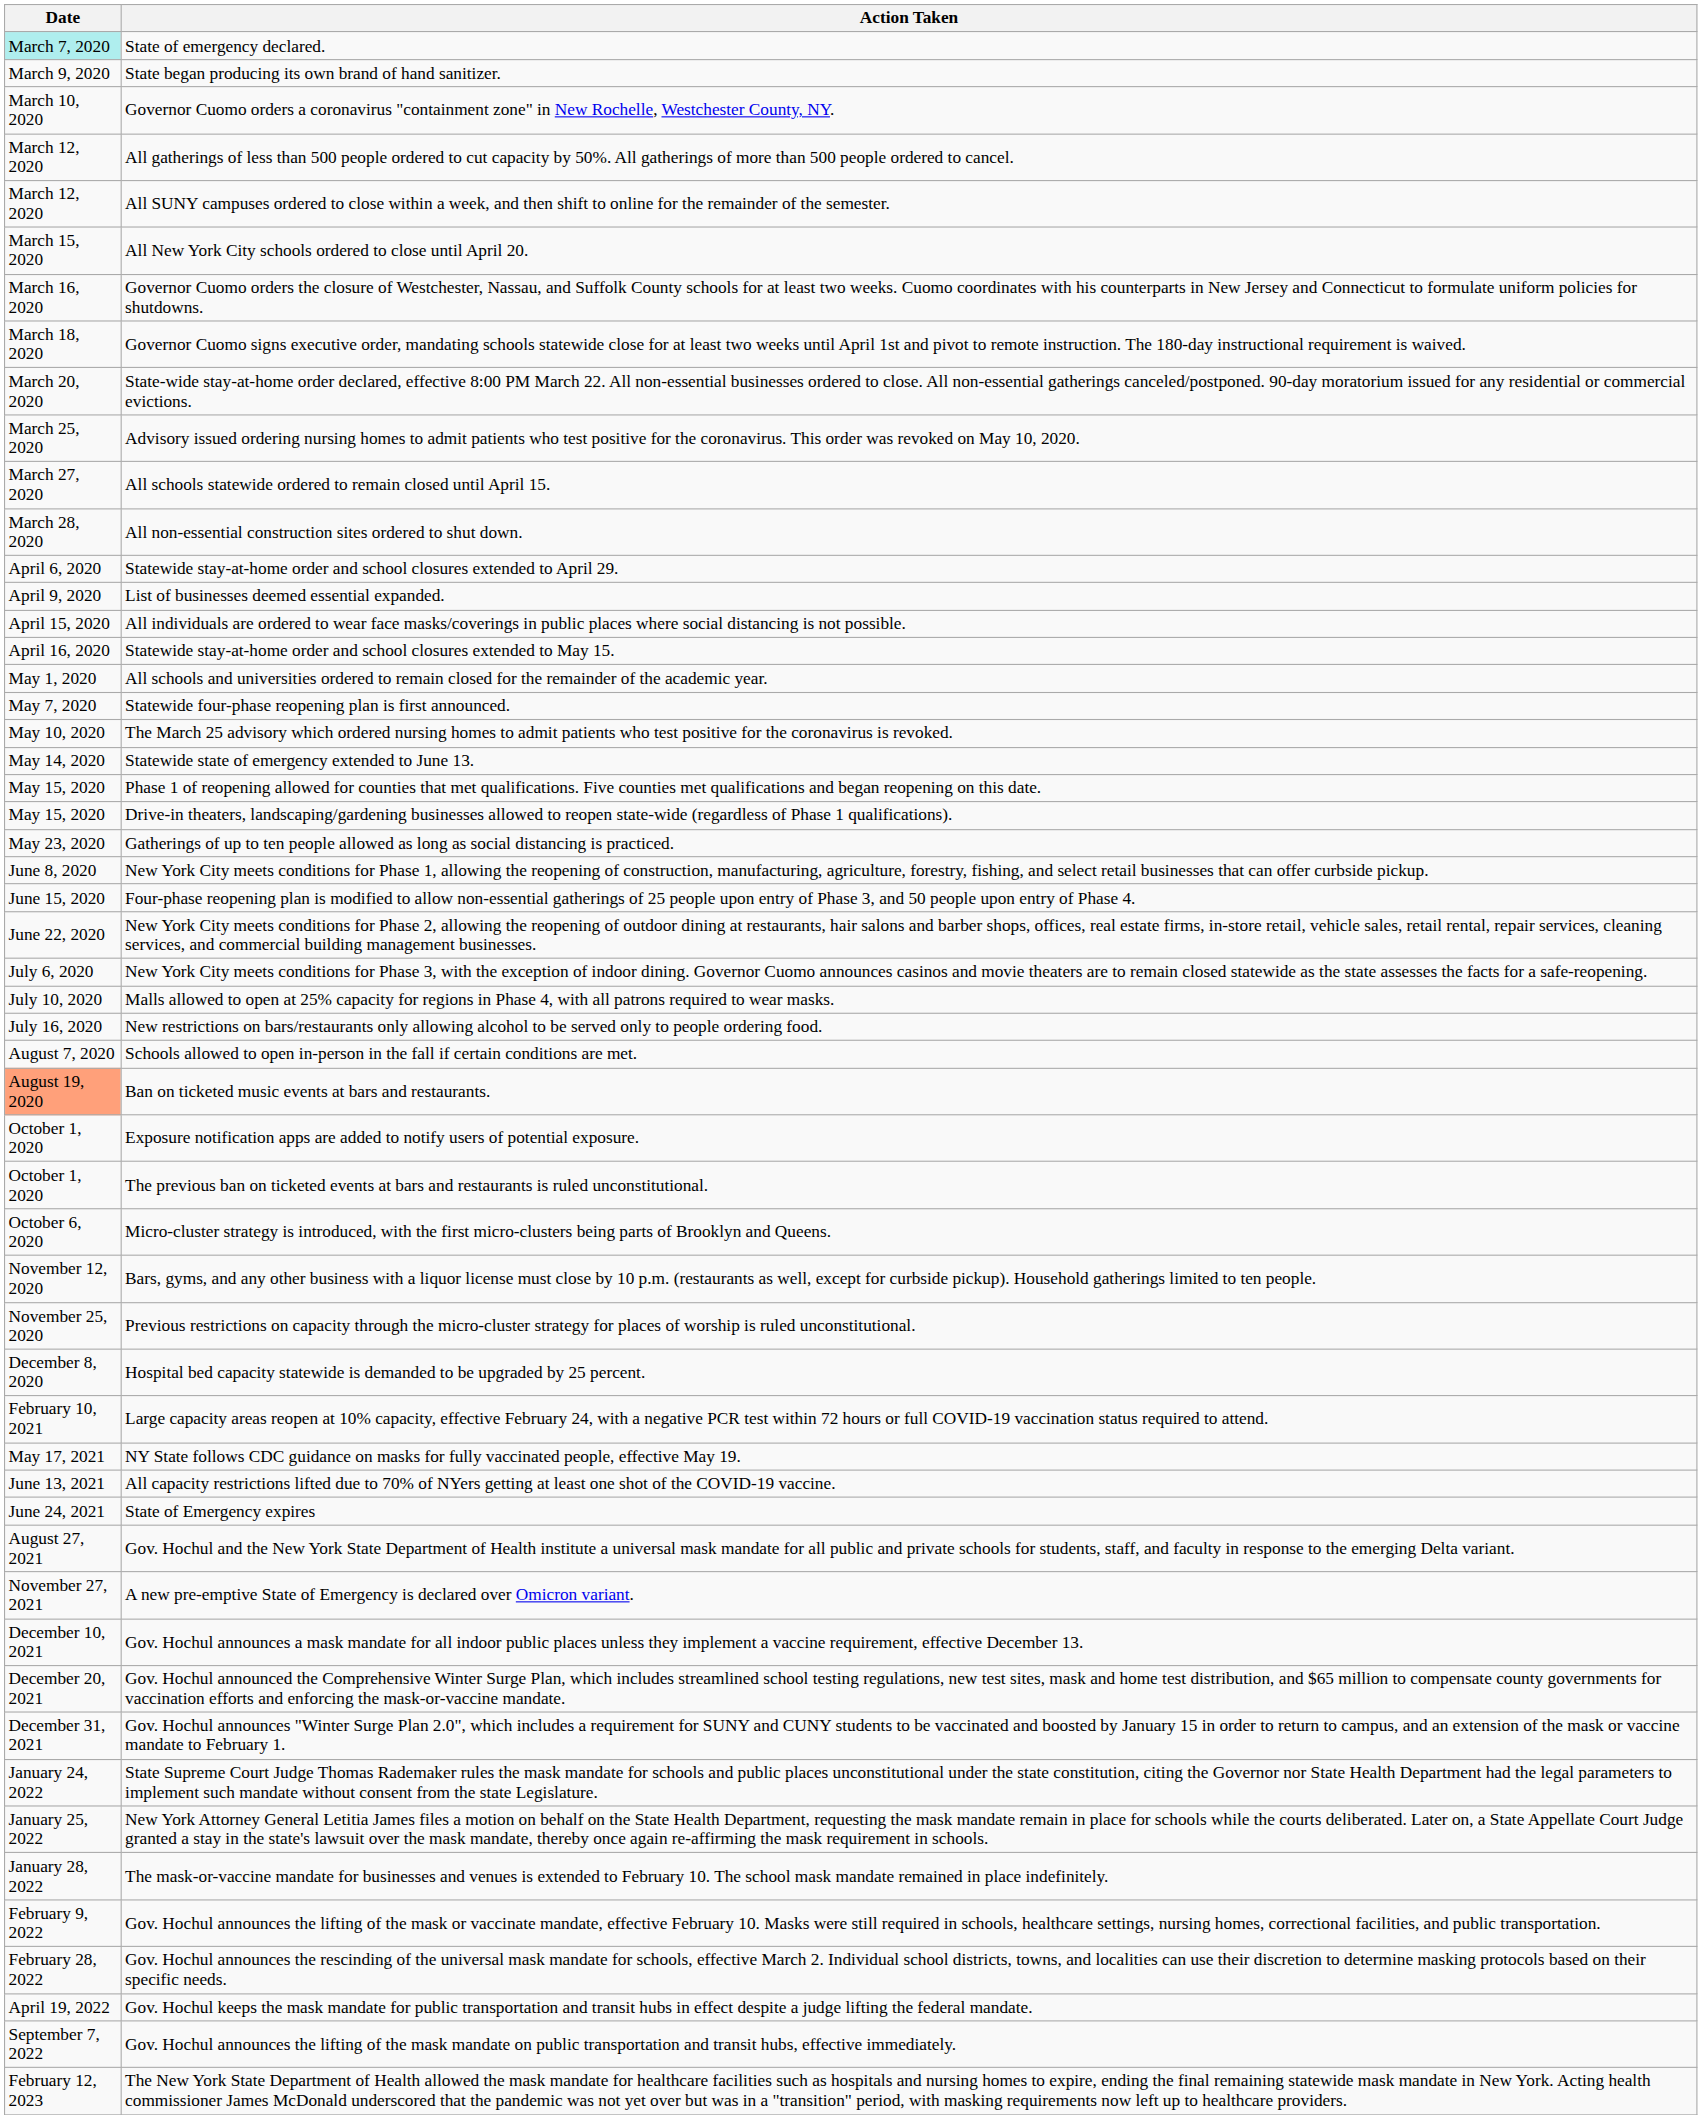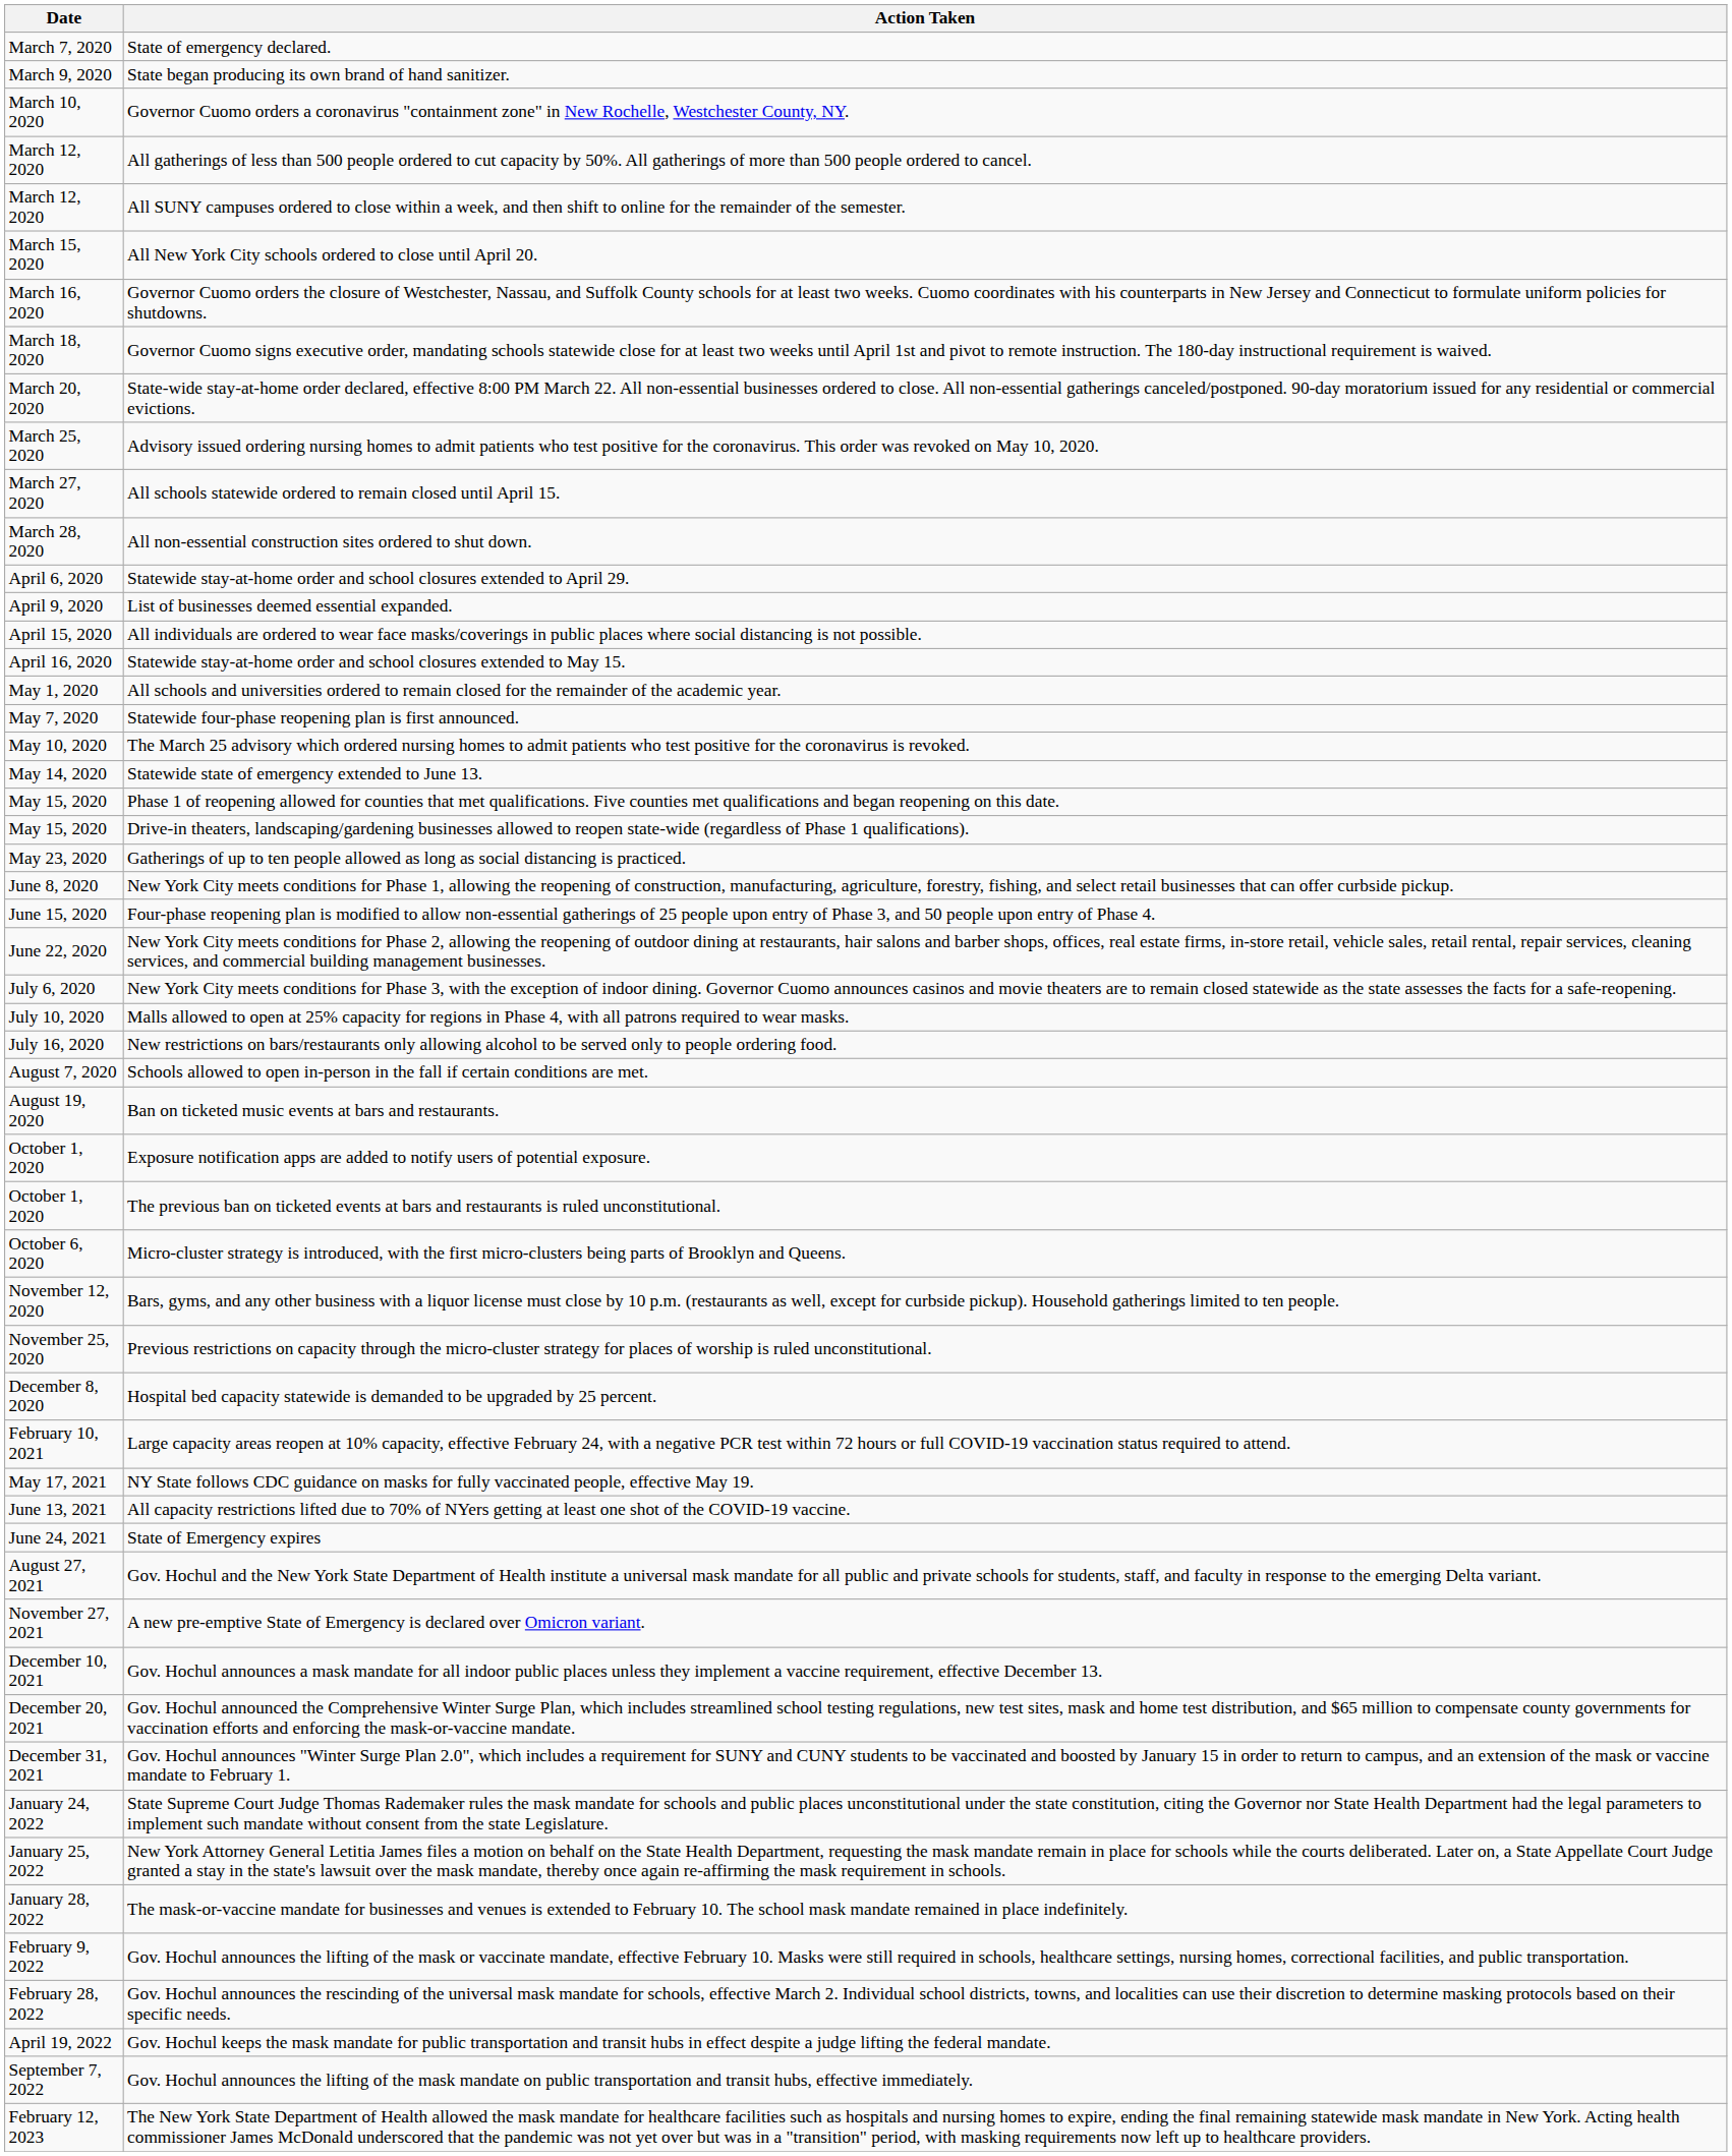 <table class="wikitable sortable">
 <tr>
 <th>Date</th>
 <th>Action Taken</th>
 </tr>
 <tr>
-<td style="background: paleturquoise;">March 7, 2020</td>
+<td>March 7, 2020</td>
 <td>State of emergency declared.</td>
 </tr>
 <tr>
 <td>March 9, 2020</td>
 <td>State began producing its own brand of hand sanitizer.</td>
 </tr>
 <tr>
 <td>March 10, 2020</td>
 <td>Governor Cuomo orders a coronavirus "containment zone" in <a href='#'>New Rochelle</a>, <a href='#'>Westchester County, NY</a>.</td>
 </tr>
 <tr>
 <td>March 12, 2020</td>
 <td>All gatherings of less than 500 people ordered to cut capacity by 50%. All gatherings of more than 500 people ordered to cancel.</td>
 </tr>
 <tr>
 <td>March 12, 2020</td>
 <td>All SUNY campuses ordered to close within a week, and then shift to online for the remainder of the semester.</td>
 </tr>
 <tr>
 <td>March 15, 2020</td>
 <td>All New York City schools ordered to close until April 20.</td>
 </tr>
 <tr>
 <td>March 16, 2020</td>
 <td>Governor Cuomo orders the closure of Westchester, Nassau, and Suffolk County schools for at least two weeks. Cuomo coordinates with his counterparts in New Jersey and Connecticut to formulate uniform policies for shutdowns.</td>
 </tr>
 <tr>
 <td>March 18, 2020</td>
 <td>Governor Cuomo signs executive order, mandating schools statewide close for at least two weeks until April 1st and pivot to remote instruction. The 180-day instructional requirement is waived.</td>
 </tr>
 <tr>
 <td>March 20, 2020</td>
 <td>State-wide stay-at-home order declared, effective 8:00 PM March 22. All non-essential businesses ordered to close. All non-essential gatherings canceled/postponed. 90-day moratorium issued for any residential or commercial evictions. </td>
 </tr>
 <tr>
 <td>March 25, 2020</td>
 <td>Advisory issued ordering nursing homes to admit patients who test positive for the coronavirus. This order was revoked on May 10, 2020.</td>
 </tr>
 <tr>
 <td>March 27, 2020</td>
 <td>All schools statewide ordered to remain closed until April 15.</td>
 </tr>
 <tr>
 <td>March 28, 2020</td>
 <td>All non-essential construction sites ordered to shut down.</td>
 </tr>
 <tr>
 <td>April 6, 2020</td>
 <td>Statewide stay-at-home order and school closures extended to April 29.</td>
 </tr>
 <tr>
 <td>April 9, 2020</td>
 <td>List of businesses deemed essential expanded.</td>
 </tr>
 <tr>
 <td>April 15, 2020</td>
 <td>All individuals are ordered to wear face masks/coverings in public places where social distancing is not possible.</td>
 </tr>
 <tr>
 <td>April 16, 2020</td>
 <td>Statewide stay-at-home order and school closures extended to May 15.</td>
 </tr>
 <tr>
 <td>May 1, 2020</td>
 <td>All schools and universities ordered to remain closed for the remainder of the academic year.</td>
 </tr>
 <tr>
 <td>May 7, 2020</td>
 <td>Statewide four-phase reopening plan is first announced.</td>
 </tr>
 <tr>
 <td>May 10, 2020</td>
 <td>The March 25 advisory which ordered nursing homes to admit patients who test positive for the coronavirus is revoked.</td>
 </tr>
 <tr>
 <td>May 14, 2020</td>
 <td>Statewide state of emergency extended to June 13.</td>
 </tr>
 <tr>
 <td>May 15, 2020</td>
 <td>Phase 1 of reopening allowed for counties that met qualifications. Five counties met qualifications and began reopening on this date.</td>
 </tr>
 <tr>
 <td>May 15, 2020</td>
 <td>Drive-in theaters, landscaping/gardening businesses allowed to reopen state-wide (regardless of Phase 1 qualifications).</td>
 </tr>
 <tr>
 <td>May 23, 2020</td>
 <td>Gatherings of up to ten people allowed as long as social distancing is practiced.</td>
 </tr>
 <tr>
 <td>June 8, 2020</td>
 <td>New York City meets conditions for Phase 1, allowing the reopening of construction, manufacturing, agriculture, forestry, fishing, and select retail businesses that can offer curbside pickup.</td>
 </tr>
 <tr>
 <td>June 15, 2020</td>
 <td>Four-phase reopening plan is modified to allow non-essential gatherings of 25 people upon entry of Phase 3, and 50 people upon entry of Phase 4.</td>
 </tr>
 <tr>
 <td>June 22, 2020</td>
 <td>New York City meets conditions for Phase 2, allowing the reopening of outdoor dining at restaurants, hair salons and barber shops, offices, real estate firms, in-store retail, vehicle sales, retail rental, repair services, cleaning services, and commercial building management businesses.</td>
 </tr>
 <tr>
 <td>July 6, 2020</td>
 <td>New York City meets conditions for Phase 3, with the exception of indoor dining. Governor Cuomo announces casinos and movie theaters are to remain closed statewide as the state assesses the facts for a safe-reopening.</td>
 </tr>
 <tr>
 <td>July 10, 2020</td>
 <td>Malls allowed to open at 25% capacity for regions in Phase 4, with all patrons required to wear masks.</td>
 </tr>
 <tr>
 <td>July 16, 2020</td>
 <td>New restrictions on bars/restaurants only allowing alcohol to be served only to people ordering food.</td>
 </tr>
 <tr>
 <td>August 7, 2020</td>
 <td>Schools allowed to open in-person in the fall if certain conditions are met.</td>
 </tr>
 <tr>
-<td style="background: lightsalmon;">August 19, 2020</td>
+<td>August 19, 2020</td>
 <td>Ban on ticketed music events at bars and restaurants.</td>
 </tr>
 <tr>
 <td>October 1, 2020</td>
 <td>Exposure notification apps are added to notify users of potential exposure.</td>
 </tr>
 <tr>
 <td>October 1, 2020</td>
 <td>The previous ban on ticketed events at bars and restaurants is ruled unconstitutional.</td>
 </tr>
 <tr>
 <td>October 6, 2020</td>
 <td>Micro-cluster strategy is introduced, with the first micro-clusters being parts of Brooklyn and Queens.</td>
 </tr>
 <tr>
 <td>November 12, 2020</td>
 <td>Bars, gyms, and any other business with a liquor license must close by 10 p.m. (restaurants as well, except for curbside pickup). Household gatherings limited to ten people.</td>
 </tr>
 <tr>
 <td>November 25, 2020</td>
 <td>Previous restrictions on capacity through the micro-cluster strategy for places of worship is ruled unconstitutional.</td>
 </tr>
 <tr>
 <td>December 8, 2020</td>
 <td>Hospital bed capacity statewide is demanded to be upgraded by 25 percent.</td>
 </tr>
 <tr>
 <td>February 10, 2021</td>
 <td>Large capacity areas reopen at 10% capacity, effective February 24, with a negative PCR test within 72 hours or full COVID-19 vaccination status required to attend.</td>
 </tr>
 <tr>
 <td>May 17, 2021</td>
 <td>NY State follows CDC guidance on masks for fully vaccinated people, effective May 19.</td>
 </tr>
 <tr>
 <td>June 13, 2021</td>
 <td>All capacity restrictions lifted due to 70% of NYers getting at least one shot of the COVID-19 vaccine.</td>
 </tr>
 <tr>
 <td>June 24, 2021</td>
 <td>State of Emergency expires </td>
 </tr>
 <tr>
 <td>August 27, 2021</td>
 <td>Gov. Hochul and the New York State Department of Health institute a universal mask mandate for all public and private schools for students, staff, and faculty in response to the emerging Delta variant.</td>
 </tr>
 <tr>
 <td>November 27, 2021</td>
 <td>A new pre-emptive State of Emergency is declared over <a href='#'>Omicron variant</a>.</td>
 </tr>
 <tr>
 <td>December 10, 2021</td>
 <td>Gov. Hochul announces a mask mandate for all indoor public places unless they implement a vaccine requirement, effective December 13.</td>
 </tr>
 <tr>
 <td>December 20, 2021</td>
 <td>Gov. Hochul announced the Comprehensive Winter Surge Plan, which includes streamlined school testing regulations, new test sites, mask and home test distribution, and $65 million to compensate county governments for vaccination efforts and enforcing the mask-or-vaccine mandate.</td>
 </tr>
 <tr>
 <td>December 31, 2021</td>
 <td>Gov. Hochul announces "Winter Surge Plan 2.0", which includes a requirement for SUNY and CUNY students to be vaccinated and boosted by January 15 in order to return to campus, and an extension of the mask or vaccine mandate to February 1.</td>
 </tr>
 <tr>
 <td>January 24, 2022</td>
 <td>State Supreme Court Judge Thomas Rademaker rules the mask mandate for schools and public places unconstitutional under the state constitution, citing the Governor nor State Health Department had the legal parameters to implement such mandate without consent from the state Legislature.</td>
 </tr>
 <tr>
 <td>January 25, 2022</td>
 <td>New York Attorney General Letitia James files a motion on behalf on the State Health Department, requesting the mask mandate remain in place for schools while the courts deliberated. Later on, a State Appellate Court Judge granted a stay in the state's lawsuit over the mask mandate, thereby once again re-affirming the mask requirement in schools.</td>
 </tr>
 <tr>
 <td>January 28, 2022</td>
 <td>The mask-or-vaccine mandate for businesses and venues is extended to February 10. The school mask mandate remained in place indefinitely.</td>
 </tr>
 <tr>
 <td>February 9, 2022</td>
 <td>Gov. Hochul announces the lifting of the mask or vaccinate mandate, effective February 10. Masks were still required in schools, healthcare settings, nursing homes, correctional facilities, and public transportation.</td>
 </tr>
 <tr>
 <td>February 28, 2022</td>
 <td>Gov. Hochul announces the rescinding of the universal mask mandate for schools, effective March 2. Individual school districts, towns, and localities can use their discretion to determine masking protocols based on their specific needs.</td>
 </tr>
 <tr>
 <td>April 19, 2022</td>
 <td>Gov. Hochul keeps the mask mandate for public transportation and transit hubs in effect despite a judge lifting the federal mandate.</td>
 </tr>
 <tr>
 <td>September 7, 2022</td>
 <td>Gov. Hochul announces the lifting of the mask mandate on public transportation and transit hubs, effective immediately.</td>
 </tr>
 <tr>
 <td>February 12, 2023</td>
 <td>The New York State Department of Health allowed the mask mandate for healthcare facilities such as hospitals and nursing homes to expire, ending the final remaining statewide mask mandate in New York. Acting health commissioner James McDonald underscored that the pandemic was not yet over but was in a "transition" period, with masking requirements now left up to healthcare providers.</td>
 </tr>
 </table>
